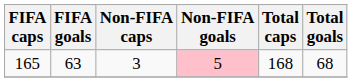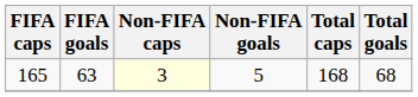 <table class="wikitable" style="text-align:center">
 <tr>
 <th scope="col">FIFA <br>caps</th>
 <th scope="col">FIFA <br>goals</th>
 <th scope="col">Non-FIFA <br>caps</th>
 <th scope="col">Non-FIFA <br>goals</th>
 <th scope="col">Total <br>caps</th>
 <th scope="col">Total <br>goals</th>
 </tr>
 <tr>
 <td>165</td>
 <td>63</td>
-<td>3</td>
-<td style="background: pink;">5</td>
+<td style="background: lightyellow;">3</td>
+<td>5</td>
 <td>168</td>
 <td>68</td>
 </tr>
 <tr>
 </tr>
 </table>
